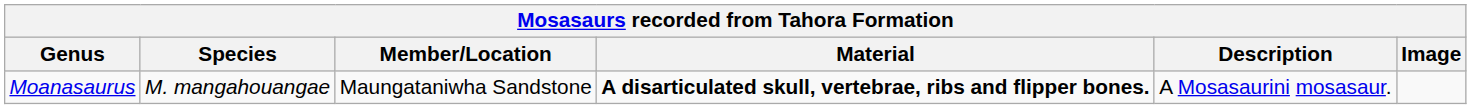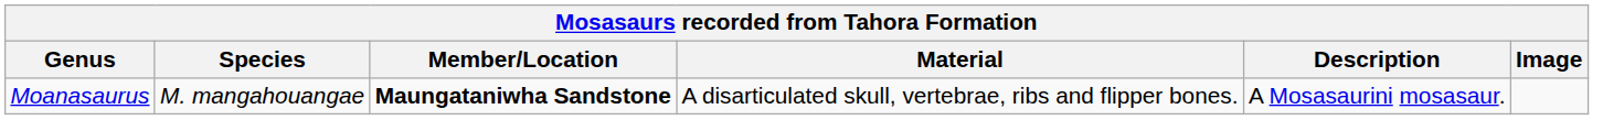 <table class="wikitable" align="center">
 <tr>
 <th colspan="6" align="center"><strong><a href='#'>Mosasaurs</a></strong> recorded from Tahora Formation</th>
 </tr>
 <tr>
 <th>Genus</th>
 <th>Species</th>
 <th>Member/Location</th>
 <th>Material</th>
 <th>Description</th>
 <th>Image</th>
 </tr>
 <tr>
 <td><em><a href='#'>Moanasaurus</a></em></td>
 <td><em>M. mangahouangae</em></td>
-<td>Maungataniwha Sandstone</td>
-<td><strong>A disarticulated skull, vertebrae, ribs and flipper bones.</strong></td>
+<td><strong>Maungataniwha Sandstone</strong></td>
+<td>A disarticulated skull, vertebrae, ribs and flipper bones.</td>
 <td>A <a href='#'>Mosasaurini</a> <a href='#'>mosasaur</a>.</td>
 <td></td>
 </tr>
 </table>
